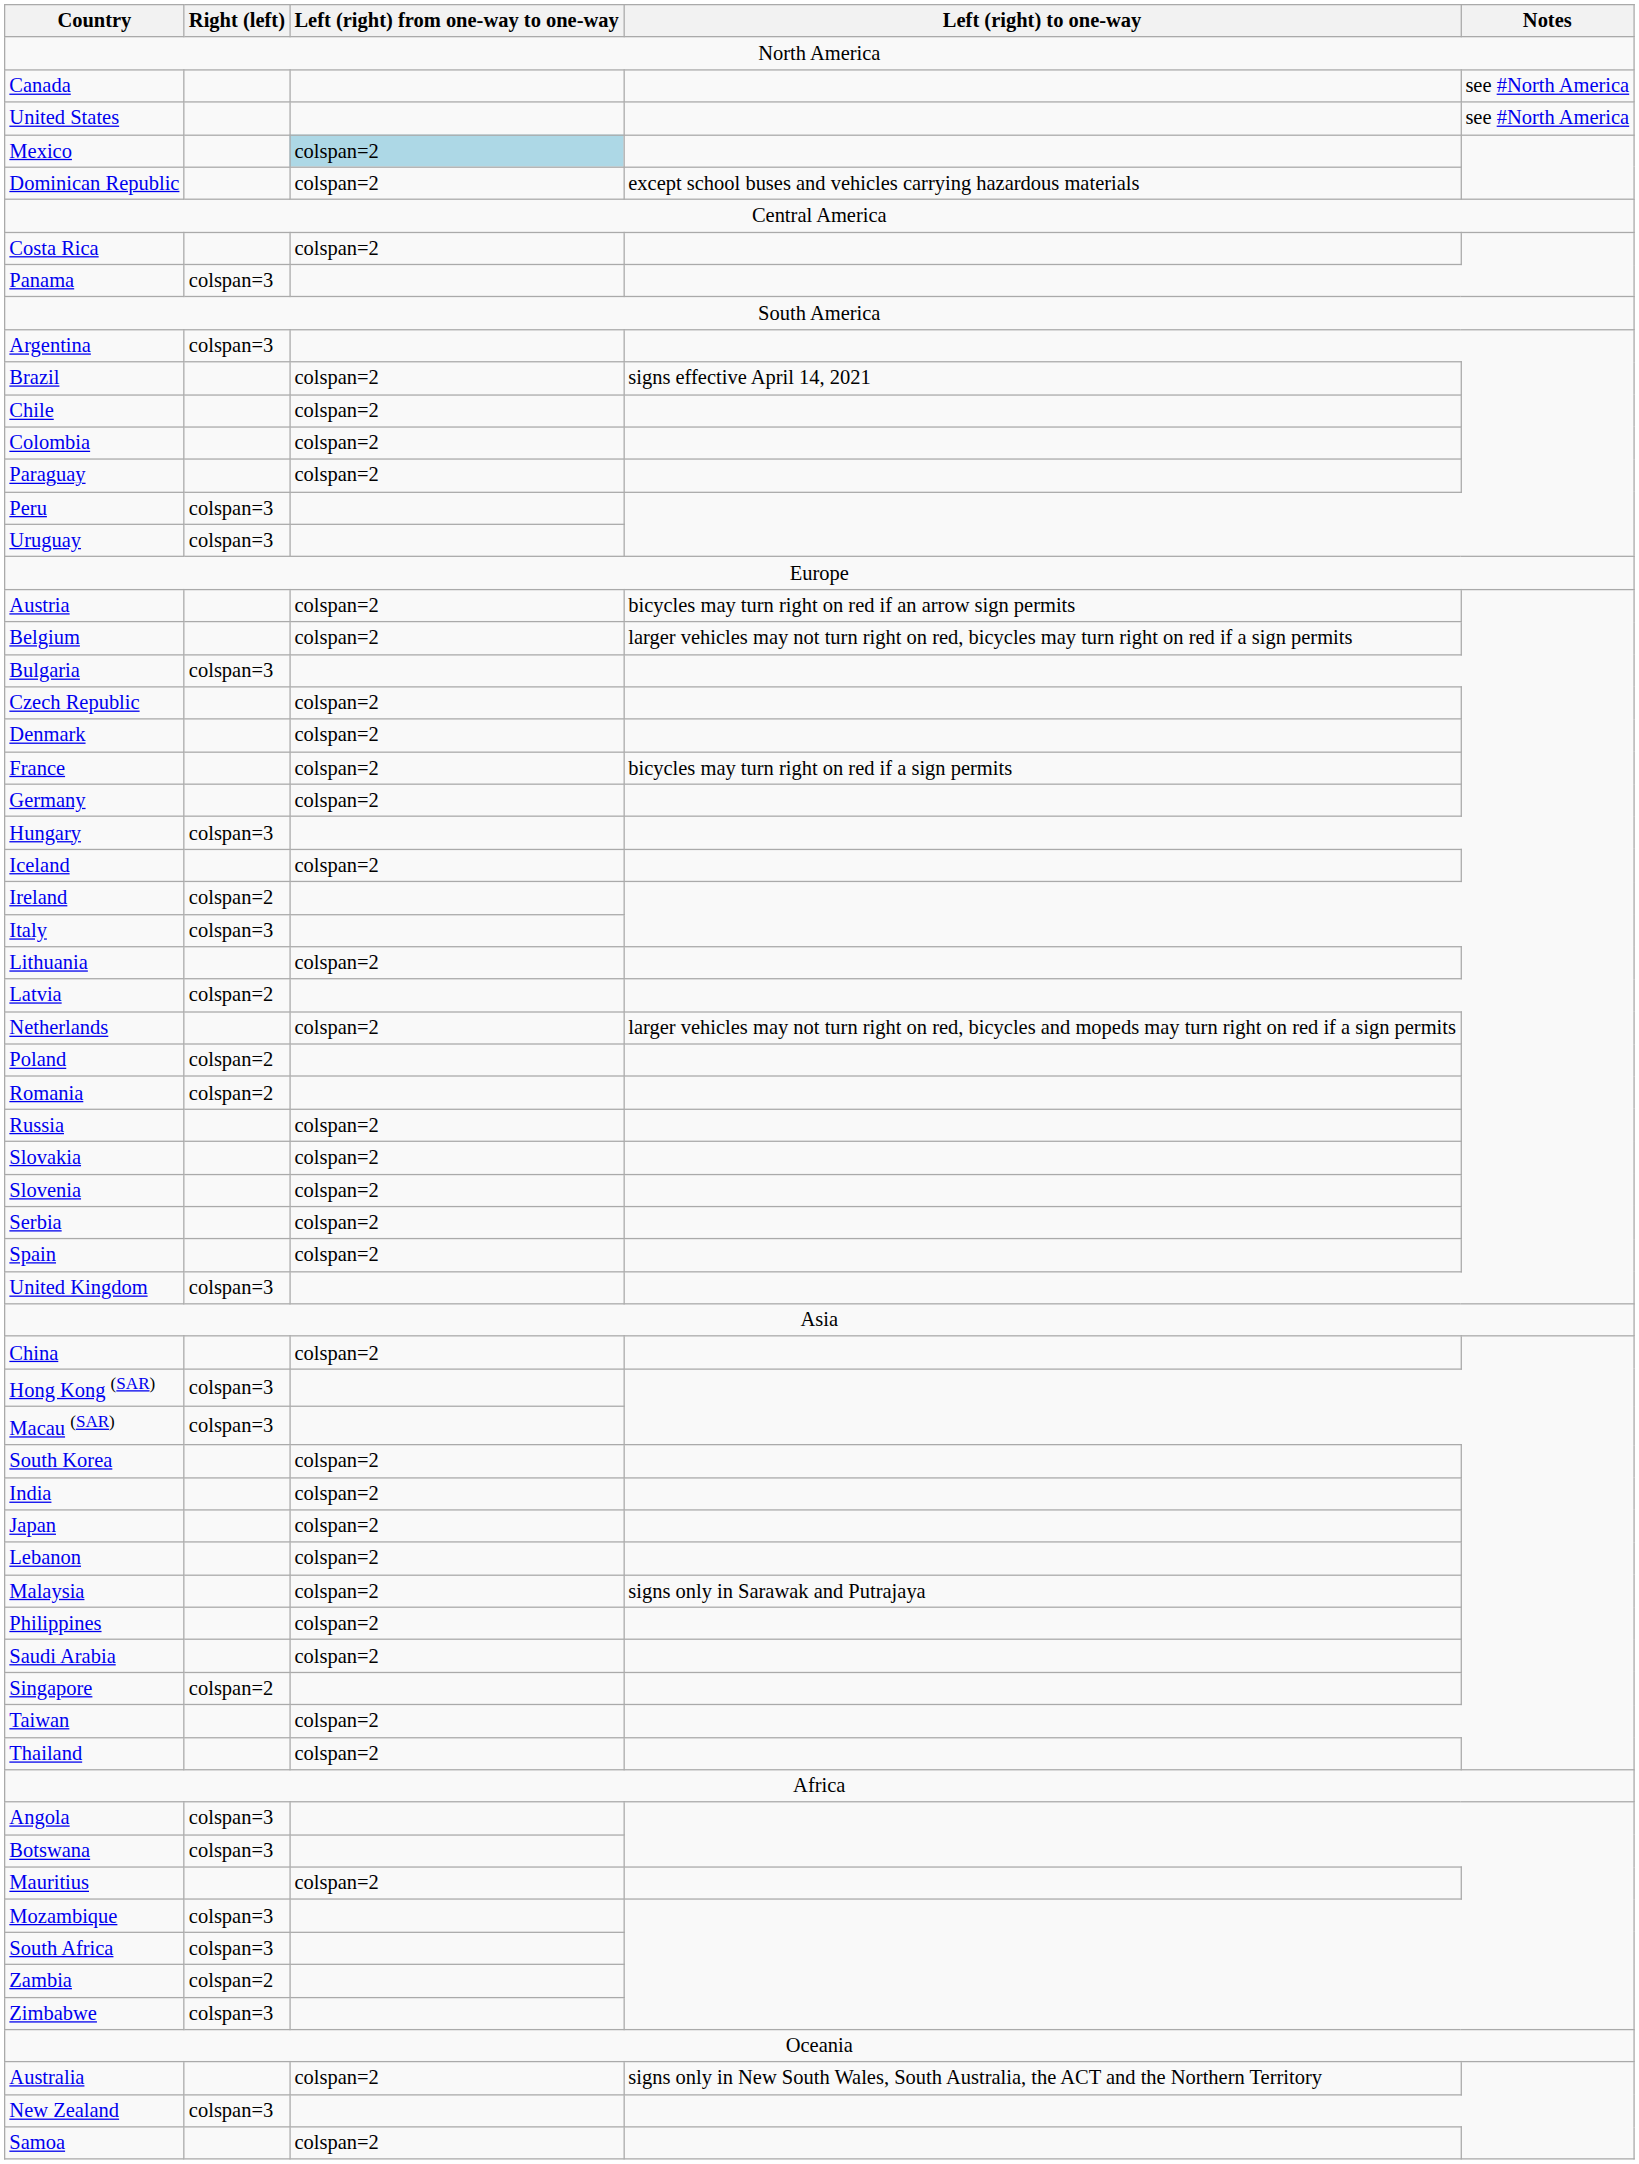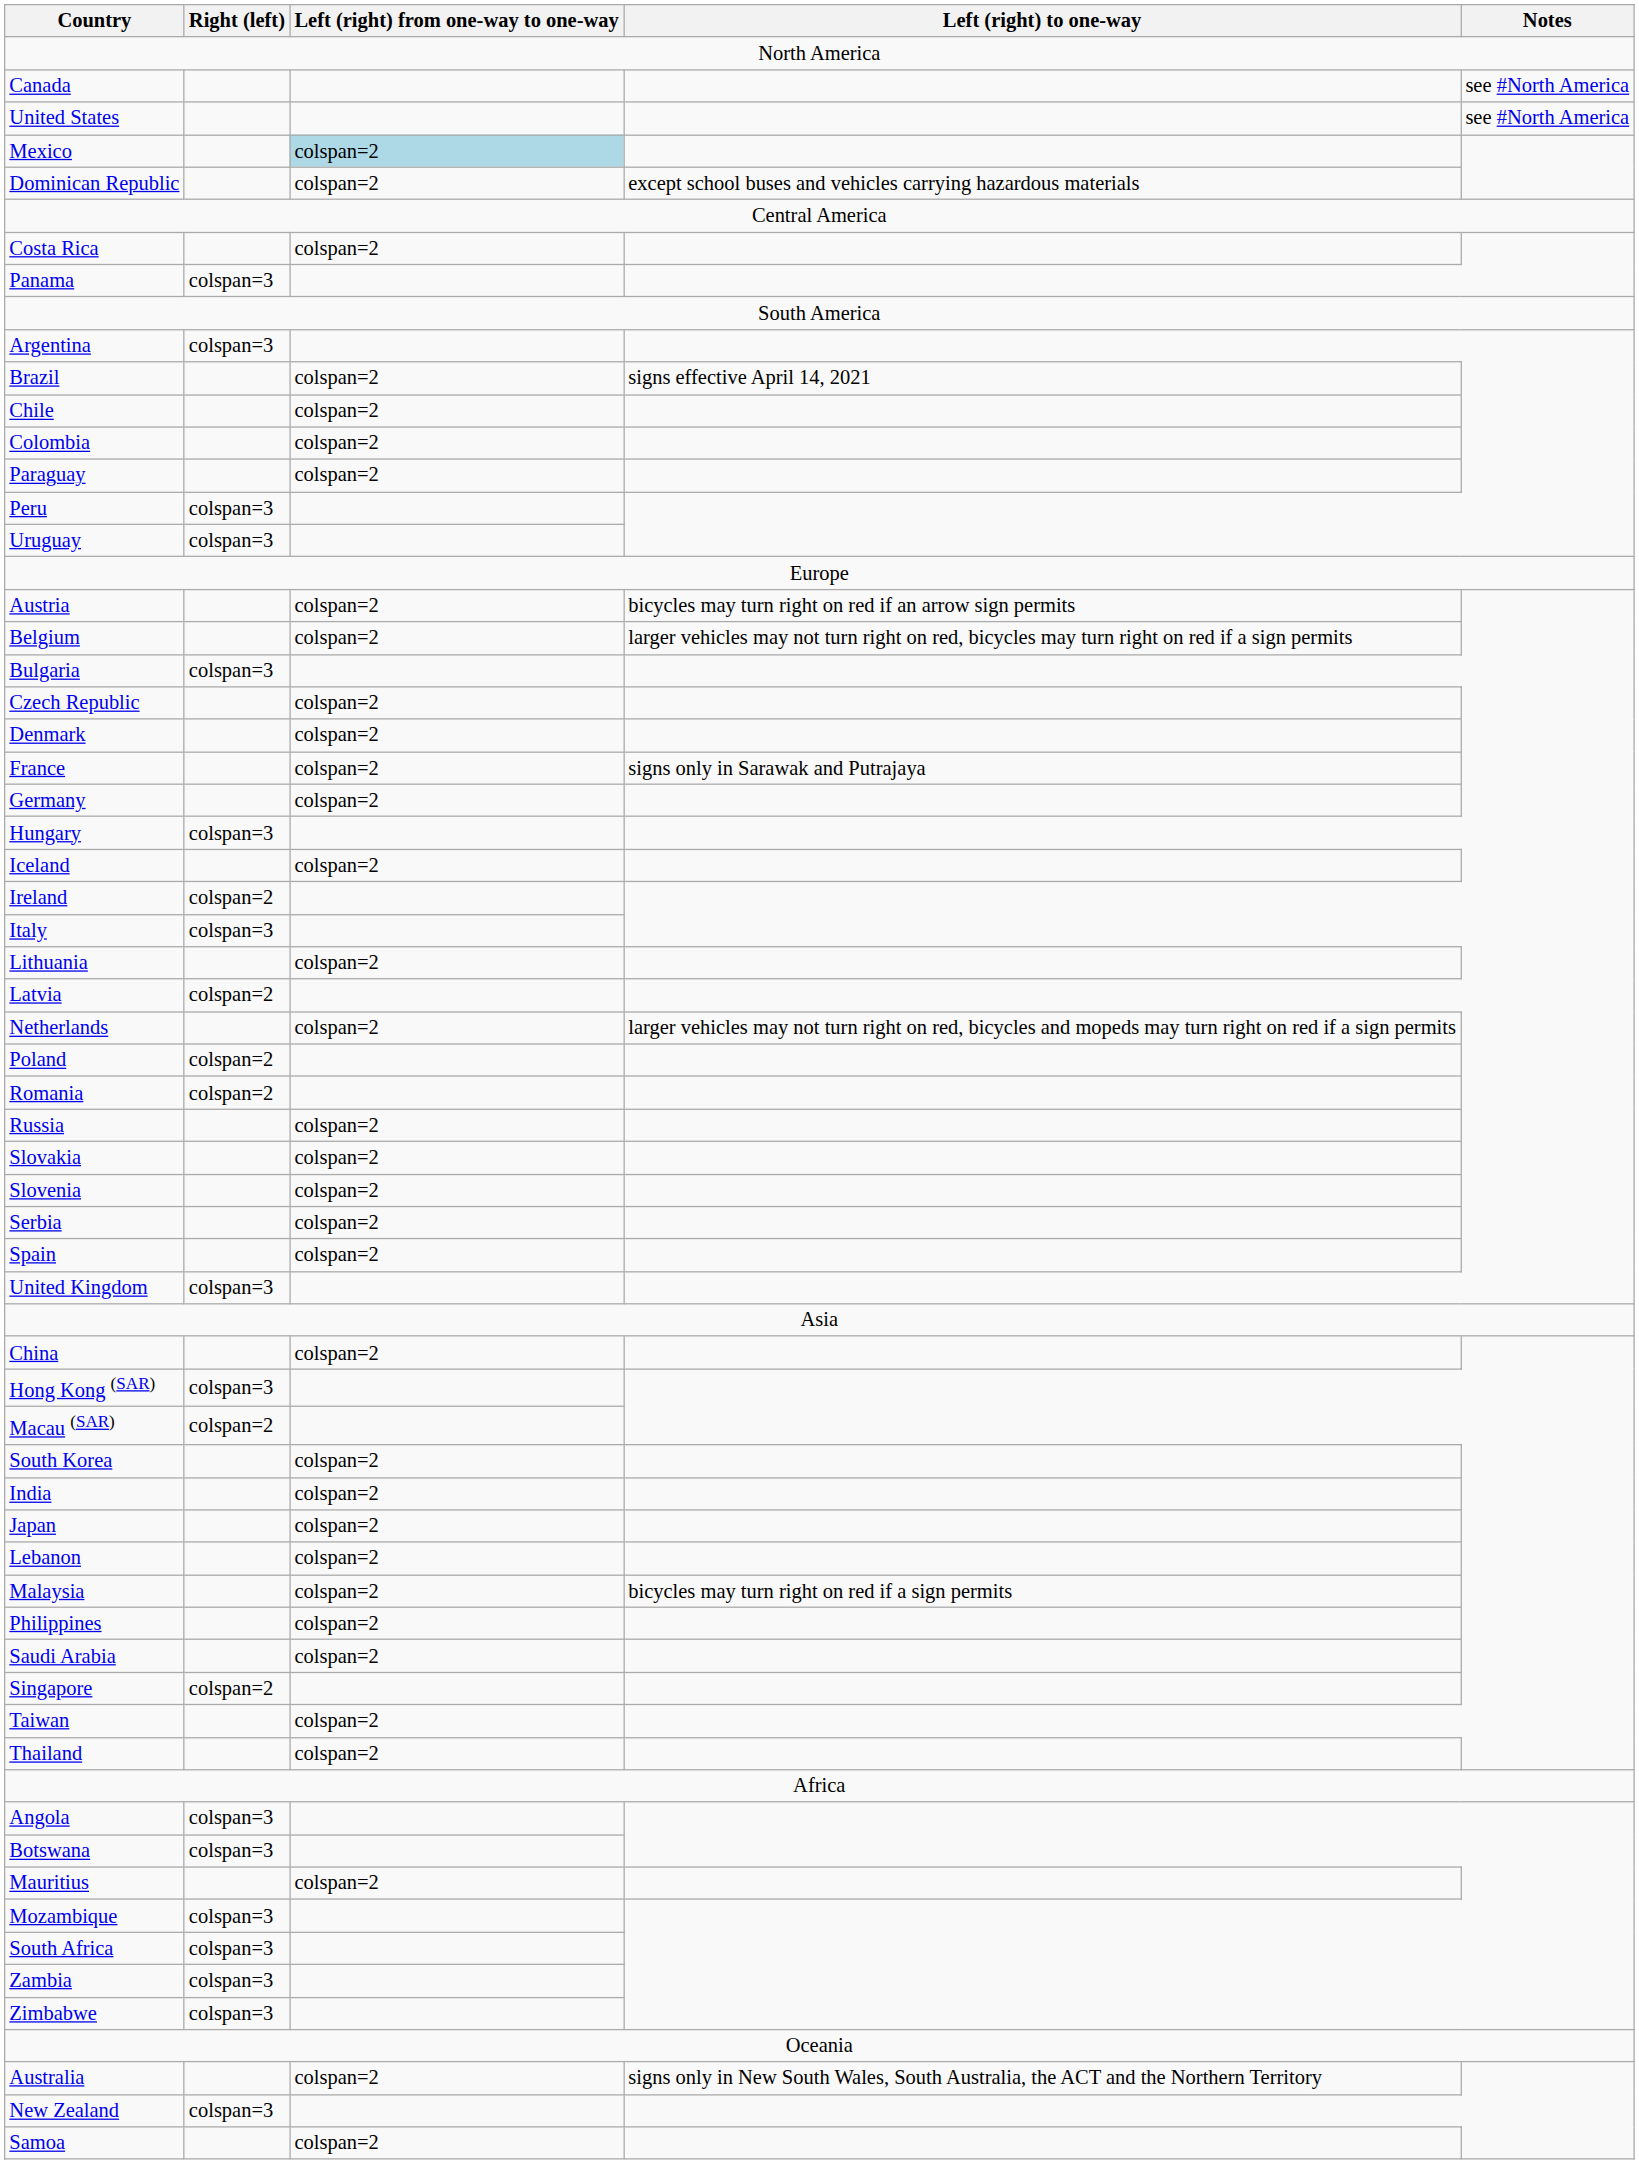 <table class="wikitable sortable">
 <tr>
 <th>Country</th>
 <th>Right (left)</th>
 <th>Left (right) from one-way to one-way</th>
 <th>Left (right) to one-way</th>
 <th>Notes</th>
 </tr>
 <tr align="center">
 <td colspan="5">North America</td>
 </tr>
 <tr>
 <td> <a href='#'>Canada</a></td>
 <td></td>
 <td></td>
 <td></td>
 <td>see <a href='#'>#North America</a></td>
 </tr>
 <tr>
 <td>  <a href='#'>United States</a></td>
 <td></td>
 <td></td>
 <td></td>
 <td>see <a href='#'>#North America</a></td>
 </tr>
 <tr>
 <td> <a href='#'>Mexico</a></td>
 <td></td>
 <td style="background: lightblue;">colspan=2 </td>
 <td></td>
 </tr>
 <tr>
 <td> <a href='#'>Dominican Republic</a></td>
 <td></td>
 <td>colspan=2 </td>
 <td>except school buses and vehicles carrying hazardous materials</td>
 </tr>
 <tr align="center">
 <td colspan="5">Central America</td>
 </tr>
 <tr>
 <td> <a href='#'>Costa Rica</a></td>
 <td></td>
 <td>colspan=2 </td>
 <td></td>
 </tr>
 <tr>
 <td> <a href='#'>Panama</a></td>
 <td>colspan=3 </td>
 <td></td>
 </tr>
 <tr align="center">
 <td colspan="5">South America</td>
 </tr>
 <tr>
 <td> <a href='#'>Argentina</a></td>
 <td>colspan=3 </td>
 <td></td>
 </tr>
 <tr>
 <td> <a href='#'>Brazil</a></td>
 <td></td>
 <td>colspan=2 </td>
 <td>signs effective April 14, 2021</td>
 </tr>
 <tr>
 <td> <a href='#'>Chile</a></td>
 <td></td>
 <td>colspan=2 </td>
 <td></td>
 </tr>
 <tr>
 <td> <a href='#'>Colombia</a></td>
 <td></td>
 <td>colspan=2 </td>
 <td></td>
 </tr>
 <tr>
 <td> <a href='#'>Paraguay</a></td>
 <td></td>
 <td>colspan=2 </td>
 <td></td>
 </tr>
 <tr>
 <td> <a href='#'>Peru</a></td>
 <td>colspan=3 </td>
 <td></td>
 </tr>
 <tr>
 <td> <a href='#'>Uruguay</a></td>
 <td>colspan=3 </td>
 <td></td>
 </tr>
 <tr align="center">
 <td colspan="5">Europe</td>
 </tr>
 <tr>
 <td> <a href='#'>Austria</a></td>
 <td></td>
 <td>colspan=2 </td>
 <td>bicycles may turn right on red if an arrow sign permits</td>
 </tr>
 <tr>
 <td> <a href='#'>Belgium</a></td>
 <td></td>
 <td>colspan=2 </td>
 <td>larger vehicles may not turn right on red, bicycles may turn right on red if a sign permits</td>
 </tr>
 <tr>
 <td> <a href='#'>Bulgaria</a></td>
 <td>colspan=3 </td>
 <td></td>
 </tr>
 <tr>
 <td> <a href='#'>Czech Republic</a></td>
 <td></td>
 <td>colspan=2 </td>
 <td></td>
 </tr>
 <tr>
 <td> <a href='#'>Denmark</a></td>
 <td></td>
 <td>colspan=2 </td>
 <td></td>
 </tr>
 <tr>
 <td> <a href='#'>France</a></td>
 <td></td>
 <td>colspan=2 </td>
-<td>bicycles may turn right on red if a sign permits</td>
+<td>signs only in Sarawak and Putrajaya</td>
 </tr>
 <tr>
 <td> <a href='#'>Germany</a></td>
 <td></td>
 <td>colspan=2 </td>
 <td></td>
 </tr>
 <tr>
 <td> <a href='#'>Hungary</a></td>
 <td>colspan=3 </td>
 <td></td>
 </tr>
 <tr>
 <td> <a href='#'>Iceland</a></td>
 <td></td>
 <td>colspan=2 </td>
 <td></td>
 </tr>
 <tr>
 <td> <a href='#'>Ireland</a></td>
 <td>colspan=2 </td>
 <td></td>
 </tr>
 <tr>
 <td> <a href='#'>Italy</a></td>
 <td>colspan=3 </td>
 <td></td>
 </tr>
 <tr>
 <td> <a href='#'>Lithuania</a></td>
 <td></td>
 <td>colspan=2 </td>
 <td></td>
 </tr>
 <tr>
 <td> <a href='#'>Latvia</a></td>
 <td>colspan=2 </td>
 <td></td>
 </tr>
 <tr>
 <td> <a href='#'>Netherlands</a></td>
 <td></td>
 <td>colspan=2 </td>
 <td>larger vehicles may not turn right on red, bicycles and mopeds may turn right on red if a sign permits</td>
 </tr>
 <tr>
 <td> <a href='#'>Poland</a></td>
 <td>colspan=2 </td>
 <td></td>
 <td></td>
 </tr>
 <tr>
 <td> <a href='#'>Romania</a></td>
 <td>colspan=2 </td>
 <td></td>
 <td></td>
 </tr>
 <tr>
 <td> <a href='#'>Russia</a></td>
 <td></td>
 <td>colspan=2 </td>
 <td></td>
 </tr>
 <tr>
 <td> <a href='#'>Slovakia</a></td>
 <td></td>
 <td>colspan=2 </td>
 <td></td>
 </tr>
 <tr>
 <td> <a href='#'>Slovenia</a></td>
 <td></td>
 <td>colspan=2 </td>
 <td></td>
 </tr>
 <tr>
 <td> <a href='#'>Serbia</a></td>
 <td></td>
 <td>colspan=2 </td>
 <td></td>
 </tr>
 <tr>
 <td> <a href='#'>Spain</a></td>
 <td></td>
 <td>colspan=2 </td>
 <td></td>
 </tr>
 <tr>
 <td> <a href='#'>United Kingdom</a></td>
 <td>colspan=3 </td>
 <td></td>
 </tr>
 <tr align="center">
 <td colspan="5">Asia</td>
 </tr>
 <tr>
 <td> <a href='#'>China</a></td>
 <td></td>
 <td>colspan=2 </td>
 <td></td>
 </tr>
 <tr>
 <td> <a href='#'>Hong Kong</a> <sup>(<a href='#'>SAR</a>)</sup></td>
 <td>colspan=3 </td>
 <td></td>
 </tr>
 <tr>
 <td> <a href='#'>Macau</a> <sup>(<a href='#'>SAR</a>)</sup></td>
-<td>colspan=3 </td>
+<td>colspan=2 </td>
 <td></td>
 </tr>
 <tr>
 <td> <a href='#'>South Korea</a></td>
 <td></td>
 <td>colspan=2 </td>
 <td></td>
 </tr>
 <tr>
 <td> <a href='#'>India</a></td>
 <td></td>
 <td>colspan=2 </td>
 <td></td>
 </tr>
 <tr>
 <td> <a href='#'>Japan</a></td>
 <td></td>
 <td>colspan=2 </td>
 <td></td>
 </tr>
 <tr>
 <td> <a href='#'>Lebanon</a></td>
 <td></td>
 <td>colspan=2 </td>
 <td></td>
 </tr>
 <tr>
 <td> <a href='#'>Malaysia</a></td>
 <td></td>
 <td>colspan=2 </td>
-<td>signs only in Sarawak and Putrajaya</td>
+<td>bicycles may turn right on red if a sign permits</td>
 </tr>
 <tr>
 <td> <a href='#'>Philippines</a></td>
 <td></td>
 <td>colspan=2 </td>
 <td></td>
 </tr>
 <tr>
 <td> <a href='#'>Saudi Arabia</a></td>
 <td></td>
 <td>colspan=2 </td>
 <td></td>
 </tr>
 <tr>
 <td> <a href='#'>Singapore</a></td>
 <td>colspan=2 </td>
 <td></td>
 <td></td>
 </tr>
 <tr>
 <td> <a href='#'>Taiwan</a></td>
 <td></td>
 <td>colspan=2 </td>
 </tr>
 <tr>
 <td> <a href='#'>Thailand</a></td>
 <td></td>
 <td>colspan=2 </td>
 <td></td>
 </tr>
 <tr align="center">
 <td colspan="5">Africa</td>
 </tr>
 <tr>
 <td> <a href='#'>Angola</a></td>
 <td>colspan=3 </td>
 <td></td>
 </tr>
 <tr>
 <td> <a href='#'>Botswana</a></td>
 <td>colspan=3 </td>
 <td></td>
 </tr>
 <tr>
 <td> <a href='#'>Mauritius</a></td>
 <td></td>
 <td>colspan=2 </td>
 <td></td>
 </tr>
 <tr>
 <td> <a href='#'>Mozambique</a></td>
 <td>colspan=3 </td>
 <td></td>
 </tr>
 <tr>
 <td> <a href='#'>South Africa</a></td>
 <td>colspan=3 </td>
 <td></td>
 </tr>
 <tr>
 <td> <a href='#'>Zambia</a></td>
-<td>colspan=2 </td>
+<td>colspan=3 </td>
 <td></td>
 </tr>
 <tr>
 <td> <a href='#'>Zimbabwe</a></td>
 <td>colspan=3 </td>
 <td></td>
 </tr>
 <tr align="center">
 <td colspan="5">Oceania</td>
 </tr>
 <tr>
 <td> <a href='#'>Australia</a></td>
 <td></td>
 <td>colspan=2 </td>
 <td>signs only in New South Wales, South Australia, the ACT and the Northern Territory</td>
 </tr>
 <tr>
 <td> <a href='#'>New Zealand</a></td>
 <td>colspan=3 </td>
 <td></td>
 </tr>
 <tr>
 <td> <a href='#'>Samoa</a></td>
 <td></td>
 <td>colspan=2 </td>
 <td></td>
 </tr>
 </table>
